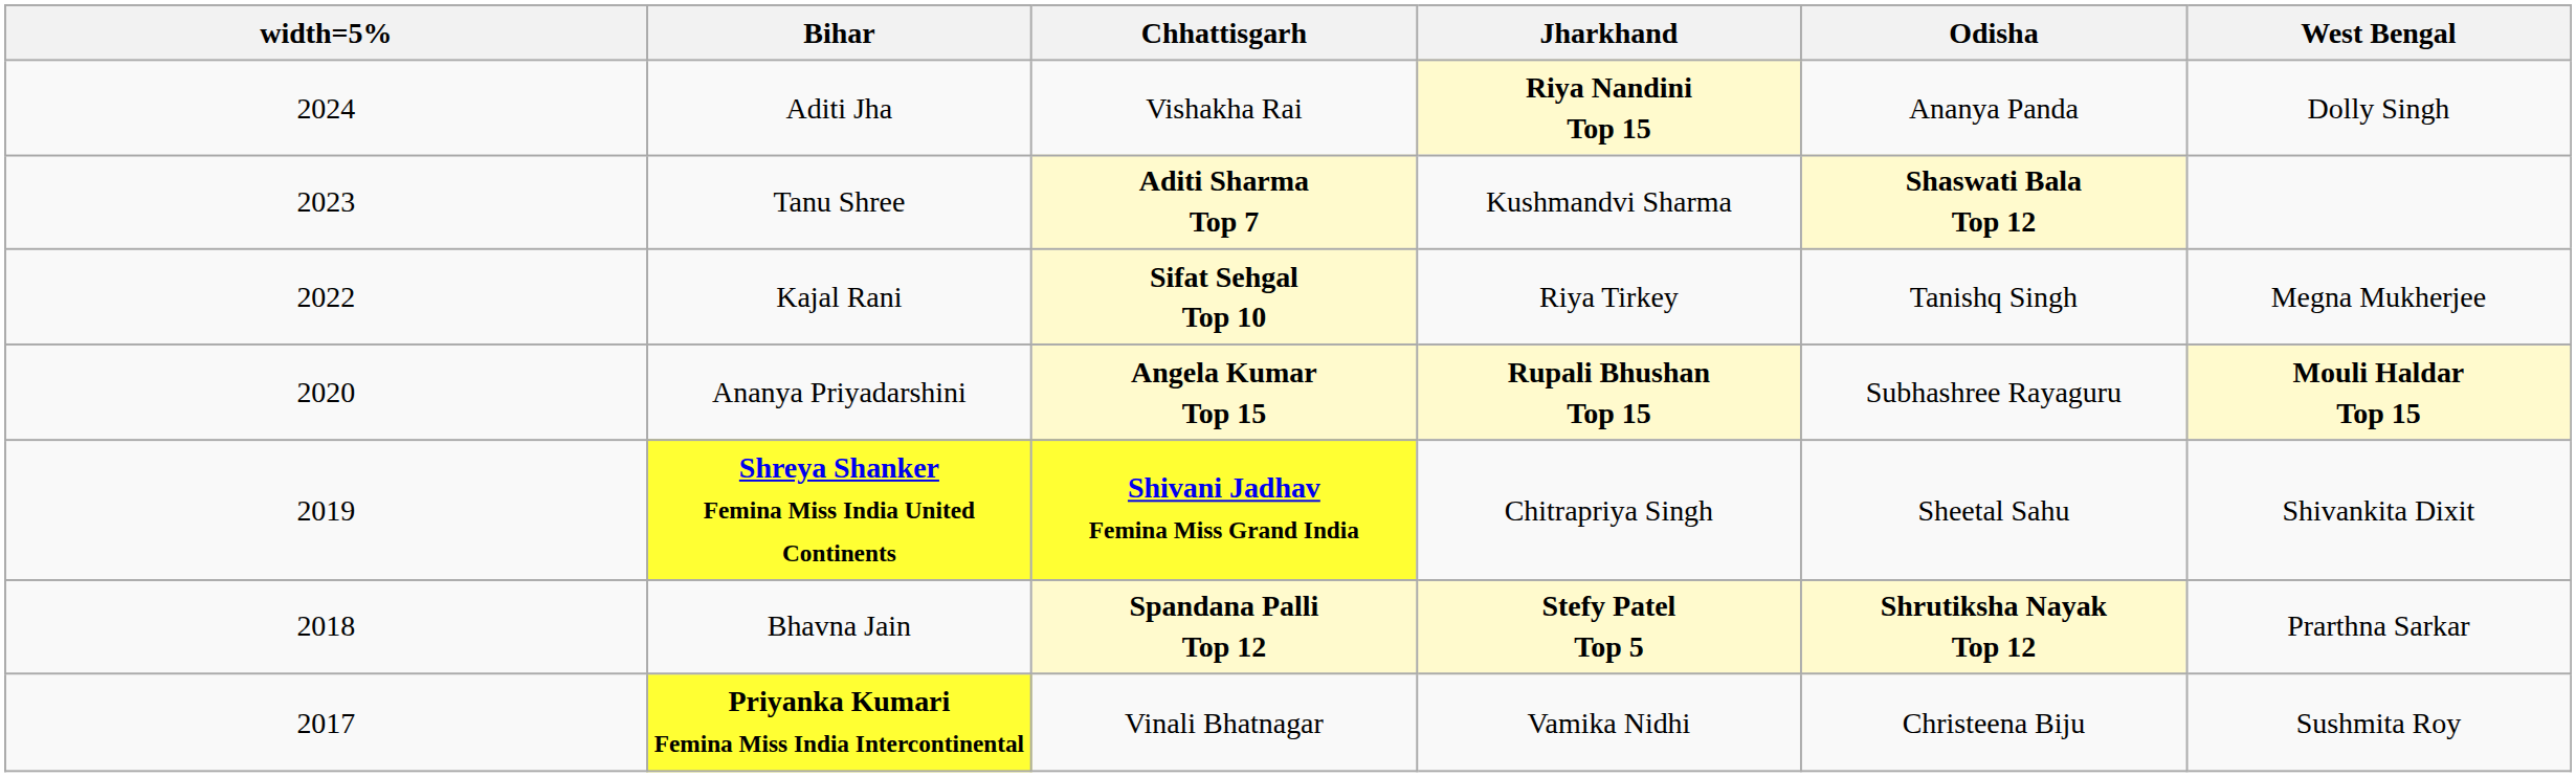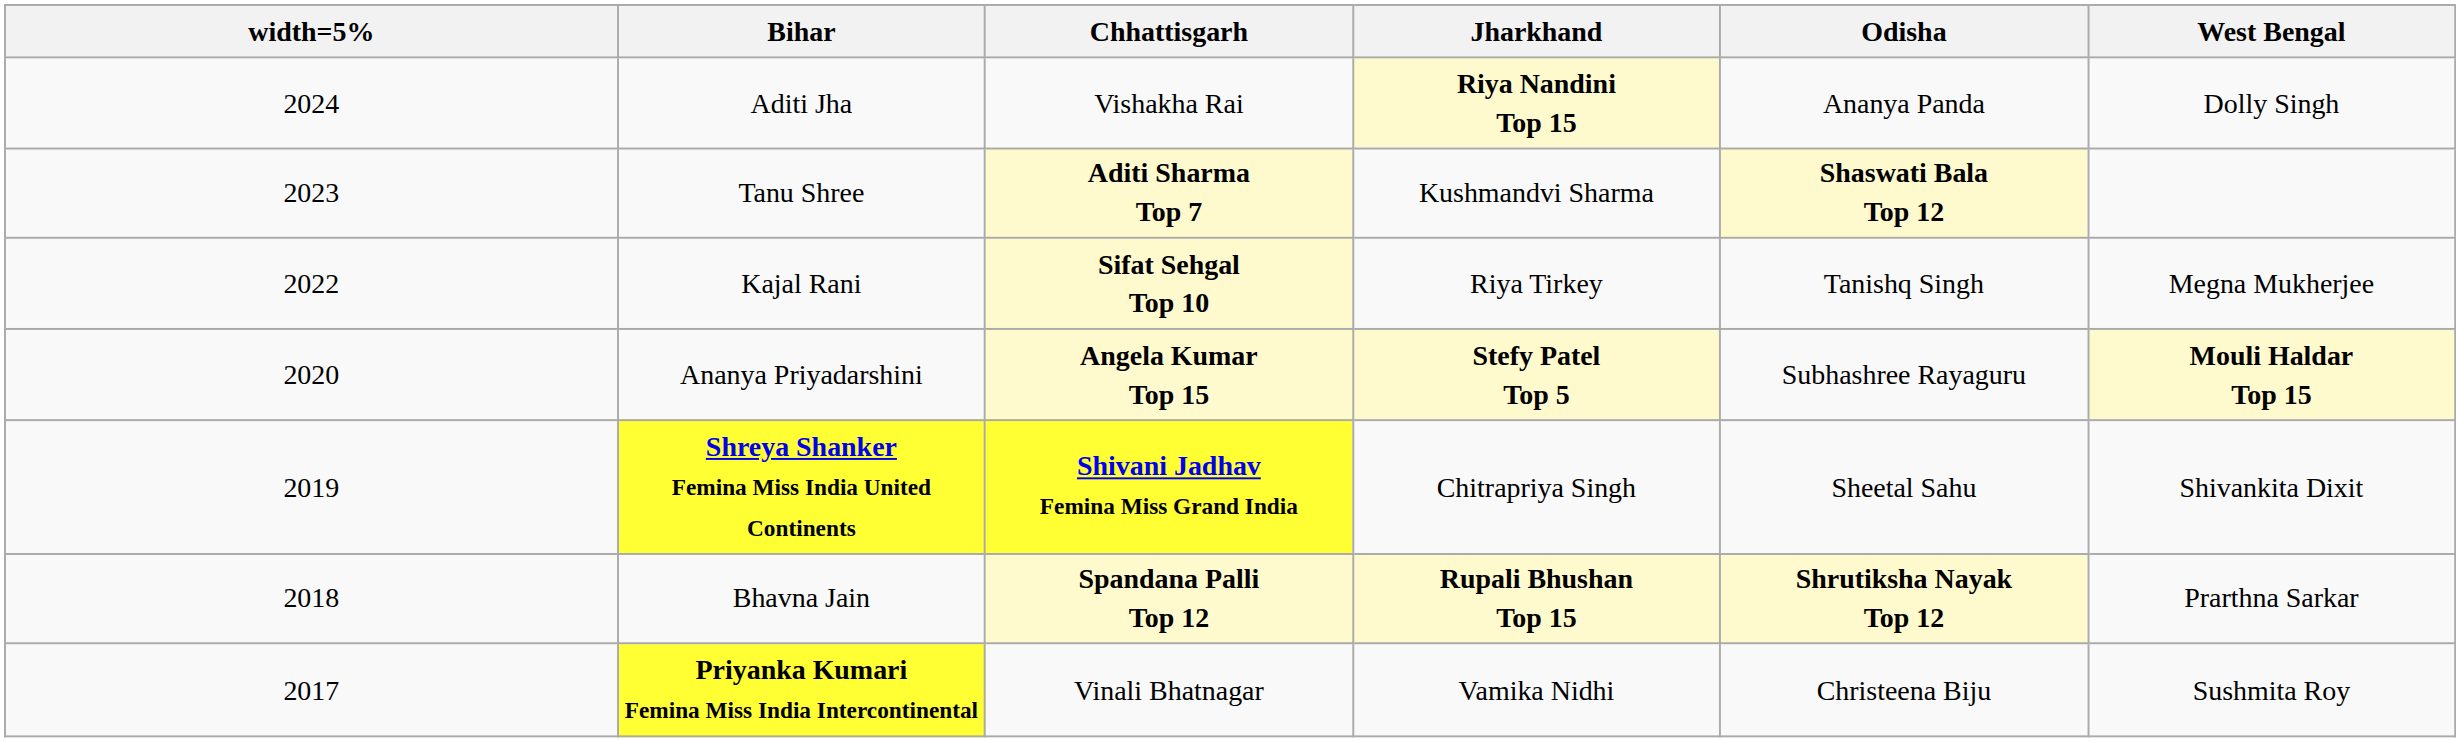 <table class="wikitable" style="text-align:center; line-height:20px; font-size:90%; width:100%;">
 <tr>
 <th>width=5%</th>
 <th width=15%>Bihar</th>
 <th width=15%>Chhattisgarh</th>
 <th width=15%>Jharkhand</th>
 <th width=15%>Odisha</th>
 <th width=15%>West Bengal</th>
 </tr>
 <tr>
 <td>2024</td>
 <td>Aditi Jha</td>
 <td>Vishakha Rai</td>
 <td style="background:#FFFACD;"><strong>Riya Nandini<br>Top 15</strong></td>
 <td>Ananya Panda</td>
 <td>Dolly Singh</td>
 </tr>
 <tr>
 <td>2023</td>
 <td>Tanu Shree</td>
 <td style="background:#FFFACD;"><strong>Aditi Sharma<br>Top 7</strong></td>
 <td>Kushmandvi Sharma</td>
 <td style="background:#FFFACD;"><strong>Shaswati Bala<br>Top 12</strong></td>
 </tr>
 <tr>
 <td>2022</td>
 <td>Kajal Rani</td>
 <td style="background:#FFFACD;"><strong>Sifat Sehgal<br>Top 10</strong></td>
 <td>Riya Tirkey</td>
 <td>Tanishq Singh</td>
 <td>Megna Mukherjee</td>
 </tr>
 <tr>
 <td>2020</td>
 <td>Ananya Priyadarshini</td>
 <td style="background:#FFFACD;"><strong>Angela Kumar<br>Top 15</strong></td>
-<td style="background:#FFFACD;"><strong>Rupali Bhushan<br>Top 15</strong></td>
+<td style="background:#FFFACD;"><strong>Stefy Patel<br>Top 5</strong></td>
 <td>Subhashree Rayaguru</td>
 <td style="background:#FFFACD;"><strong>Mouli Haldar<br>Top 15</strong></td>
 </tr>
 <tr>
 <td>2019</td>
 <td style="background:#FFFF33;"><strong><a href='#'>Shreya Shanker</a><br><small>Femina Miss India United Continents</small></strong></td>
 <td style="background:#FFFF33;"><strong><a href='#'>Shivani Jadhav</a><br><small>Femina Miss Grand India</small></strong></td>
 <td>Chitrapriya Singh</td>
 <td>Sheetal Sahu</td>
 <td>Shivankita Dixit</td>
 </tr>
 <tr>
 <td>2018</td>
 <td>Bhavna Jain</td>
 <td style="background:#FFFACD;"><strong>Spandana Palli<br>Top 12</strong></td>
-<td style="background:#FFFACD;"><strong>Stefy Patel<br>Top 5</strong></td>
+<td style="background:#FFFACD;"><strong>Rupali Bhushan<br>Top 15</strong></td>
 <td style="background:#FFFACD;"><strong>Shrutiksha Nayak<br>Top 12</strong></td>
 <td>Prarthna Sarkar</td>
 </tr>
 <tr>
 <td>2017</td>
 <td style="background:#FFFF33;"><strong>Priyanka Kumari<br><small>Femina Miss India Intercontinental</small></strong></td>
 <td>Vinali Bhatnagar</td>
 <td>Vamika Nidhi</td>
 <td>Christeena Biju</td>
 <td>Sushmita Roy</td>
 </tr>
 </table>
